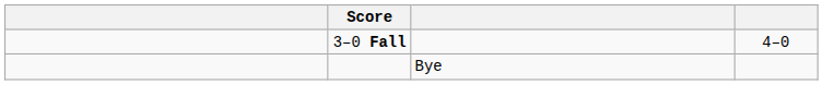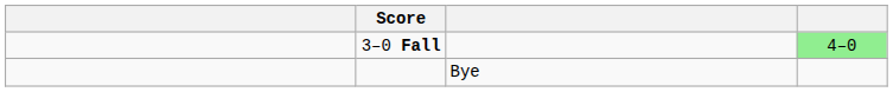 <table class="wikitable" style="text-align: center; ">
 <tr>
 <th align="right" width="270"></th>
 <th width="65">Score</th>
 <th align="left" width="270"></th>
 <th width="65"></th>
 </tr>
 <tr>
 <td align="left"><strong></strong></td>
 <td>3–0 <strong>Fall</strong></td>
 <td align="left"></td>
-<td>4–0 <strong></strong></td>
+<td style="background: lightgreen;">4–0 <strong></strong></td>
 </tr>
 <tr>
 <td align="left"><strong></strong></td>
 <td></td>
 <td align="left">Bye</td>
 <td></td>
 </tr>
 </table>
